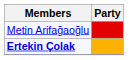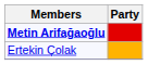 <table class=wikitable style="border:1px solid #8888aa; background-color:#f7f8ff; padding:0px; font-size:90%;">
 <tr>
 <th>Members</th>
 <th colspan="2">Party</th>
 </tr>
 <tr>
-<td><a href='#'>Metin Arifağaoğlu</a></td>
+<td><strong><a href='#'>Metin Arifağaoğlu</a></strong></td>
 <td style="background: #e30000"></td>
 </tr>
 <tr>
-<td><strong><a href='#'>Ertekin Çolak</a></strong></td>
+<td><a href='#'>Ertekin Çolak</a></td>
 <td style="background: #ffb300"></td>
 </tr>
 <tr>
 </tr>
 </table>
